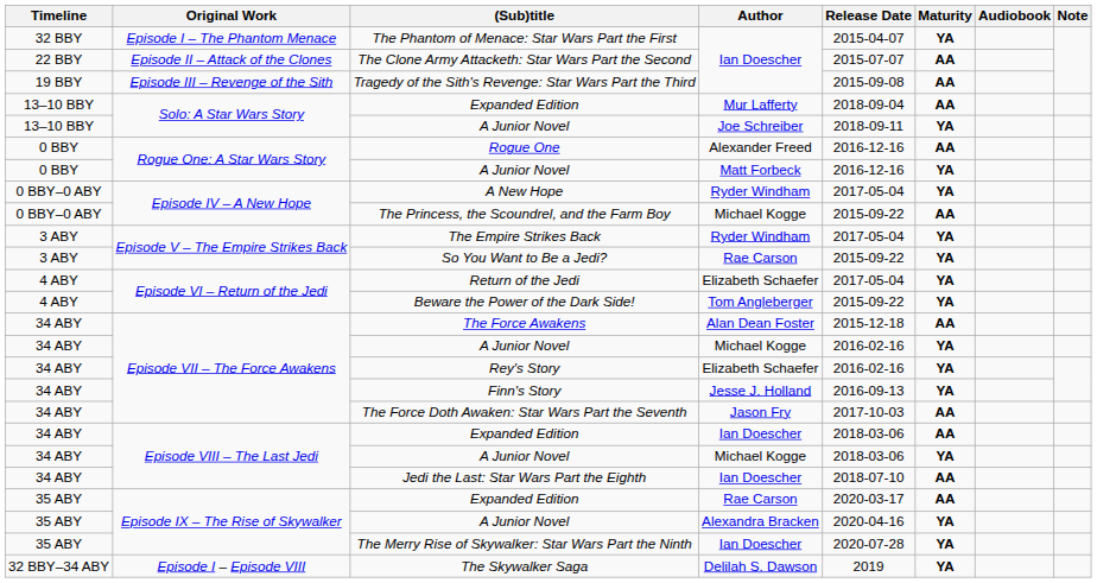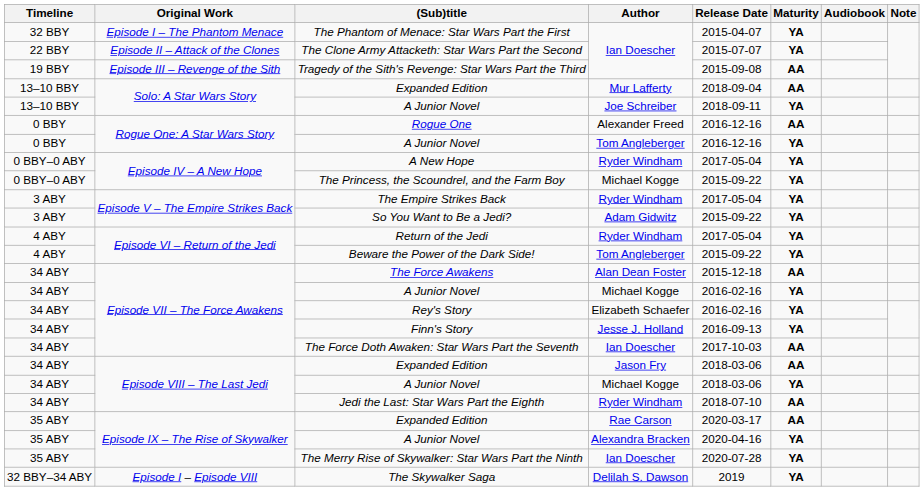 <table class="wikitable sortable" style="text-align: center">
 <tr>
 <th>Timeline</th>
 <th>Original Work</th>
 <th>(Sub)title</th>
 <th>Author</th>
 <th>Release Date</th>
 <th>Maturity</th>
 <th>Audio­book</th>
 <th>Note</th>
 </tr>
 <tr>
 <td data-sort-value="-32">32 BBY</td>
 <td><em><a href='#'>Episode I – The Phantom Menace</a></em></td>
 <td><em>The Phantom of Menace: Star Wars Part the First</em></td>
 <td rowspan="3"><a href='#'>Ian Doescher</a></td>
 <td>2015-04-07</td>
 <td><strong>YA</strong></td>
 <td></td>
 <td rowspan="3"></td>
 </tr>
 <tr>
 <td data-sort-value="-22">22 BBY</td>
 <td><em><a href='#'>Episode II – Attack of the Clones</a></em></td>
 <td><em>The Clone Army Attacketh: Star Wars Part the Second</em></td>
 <td>2015-07-07</td>
-<td><strong>AA</strong></td>
+<td><strong>YA</strong></td>
 <td></td>
 </tr>
 <tr>
 <td data-sort-value="-19">19 BBY</td>
 <td><em><a href='#'>Episode III – Revenge of the Sith</a></em></td>
 <td><em>Tragedy of the Sith's Revenge: Star Wars Part the Third</em></td>
 <td>2015-09-08</td>
 <td><strong>AA</strong></td>
 <td></td>
 </tr>
 <tr>
 <td data-sort-value="-13.1">13–10 BBY</td>
 <td rowspan="2"><em><a href='#'>Solo: A Star Wars Story</a></em></td>
 <td><em>Expanded Edition</em></td>
 <td><a href='#'>Mur Lafferty</a></td>
 <td>2018-09-04</td>
 <td><strong>AA</strong></td>
 <td></td>
 <td></td>
 </tr>
 <tr>
 <td data-sort-value="-13">13–10 BBY</td>
 <td><em>A Junior Novel</em></td>
 <td><a href='#'>Joe Schreiber</a></td>
 <td>2018-09-11</td>
 <td><strong>YA</strong></td>
 <td></td>
 <td></td>
 </tr>
 <tr>
 <td data-sort-value="0">0 BBY</td>
 <td rowspan="2"><em><a href='#'>Rogue One: A Star Wars Story</a></em></td>
 <td><em><a href='#'>Rogue One</a></em></td>
 <td>Alexander Freed</td>
 <td>2016-12-16</td>
 <td><strong>AA</strong></td>
 <td></td>
 <td></td>
 </tr>
 <tr>
 <td data-sort-value="0.1">0 BBY</td>
 <td><em>A Junior Novel</em></td>
-<td><a href='#'>Matt Forbeck</a></td>
+<td><a href='#'>Tom Angleberger</a></td>
 <td>2016-12-16</td>
 <td><strong>YA</strong></td>
 <td></td>
 <td></td>
 </tr>
 <tr>
 <td data-sort-value="0.2">0 BBY–0 ABY</td>
 <td rowspan="2"><em><a href='#'>Episode IV – A New Hope</a></em></td>
 <td><em>A New Hope</em></td>
 <td><a href='#'>Ryder Windham</a></td>
 <td>2017-05-04</td>
 <td><strong>YA</strong></td>
 <td></td>
 <td></td>
 </tr>
 <tr>
 <td data-sort-value="0.3">0 BBY–0 ABY</td>
 <td><em>The Princess, the Scoundrel, and the Farm Boy</em></td>
 <td>Michael Kogge</td>
 <td>2015-09-22</td>
-<td><strong>AA</strong></td>
+<td><strong>YA</strong></td>
 <td></td>
 <td></td>
 </tr>
 <tr>
 <td data-sort-value="3">3 ABY</td>
 <td rowspan="2"><em><a href='#'>Episode V – The Empire Strikes Back</a></em></td>
 <td><em>The Empire Strikes Back</em></td>
 <td><a href='#'>Ryder Windham</a></td>
 <td>2017-05-04</td>
 <td><strong>YA</strong></td>
 <td></td>
 <td></td>
 </tr>
 <tr>
 <td data-sort-value="3.1">3 ABY</td>
 <td><em>So You Want to Be a Jedi?</em></td>
-<td><a href='#'>Rae Carson</a></td>
+<td><a href='#'>Adam Gidwitz</a></td>
 <td>2015-09-22</td>
 <td><strong>YA</strong></td>
 <td></td>
 <td></td>
 </tr>
 <tr>
 <td data-sort-value="4">4 ABY</td>
 <td rowspan="2"><em><a href='#'>Episode VI – Return of the Jedi</a></em></td>
 <td><em>Return of the Jedi</em></td>
-<td>Elizabeth Schaefer</td>
+<td><a href='#'>Ryder Windham</a></td>
 <td>2017-05-04</td>
 <td><strong>YA</strong></td>
 <td></td>
 <td></td>
 </tr>
 <tr>
 <td data-sort-value="4.1">4 ABY</td>
 <td><em>Beware the Power of the Dark Side!</em></td>
 <td><a href='#'>Tom Angleberger</a></td>
 <td>2015-09-22</td>
 <td><strong>YA</strong></td>
 <td></td>
 <td></td>
 </tr>
 <tr>
 <td data-sort-value="34">34 ABY</td>
 <td rowspan="5"><em><a href='#'>Episode VII – The Force Awakens</a></em></td>
 <td><em><a href='#'>The Force Awakens</a></em></td>
 <td><a href='#'>Alan Dean Foster</a></td>
 <td>2015-12-18</td>
 <td><strong>AA</strong></td>
 <td></td>
 <td></td>
 </tr>
 <tr>
 <td data-sort-value="34.1">34 ABY</td>
 <td><em>A Junior Novel</em></td>
 <td>Michael Kogge</td>
 <td>2016-02-16</td>
 <td><strong>YA</strong></td>
 <td></td>
 <td></td>
 </tr>
 <tr>
 <td data-sort-value="34.2">34 ABY</td>
 <td><em>Rey's Story</em></td>
 <td>Elizabeth Schaefer</td>
 <td>2016-02-16</td>
 <td><strong>YA</strong></td>
 <td></td>
 <td rowspan="2"></td>
 </tr>
 <tr>
 <td data-sort-value="34.3">34 ABY</td>
 <td><em>Finn's Story</em></td>
 <td><a href='#'>Jesse J. Holland</a></td>
 <td>2016-09-13</td>
 <td><strong>YA</strong></td>
 <td></td>
 </tr>
 <tr>
 <td data-sort-value="34.4">34 ABY</td>
 <td><em>The Force Doth Awaken: Star Wars Part the Seventh</em></td>
-<td><a href='#'>Jason Fry</a></td>
+<td><a href='#'>Ian Doescher</a></td>
 <td>2017-10-03</td>
 <td><strong>AA</strong></td>
 <td></td>
 <td></td>
 </tr>
 <tr>
 <td data-sort-value="34.5">34 ABY</td>
 <td rowspan="3"><em><a href='#'>Episode VIII – The Last Jedi</a></em></td>
 <td><em>Expanded Edition</em></td>
-<td><a href='#'>Ian Doescher</a></td>
+<td><a href='#'>Jason Fry</a></td>
 <td>2018-03-06</td>
 <td><strong>AA</strong></td>
 <td></td>
 <td></td>
 </tr>
 <tr>
 <td data-sort-value="34.6">34 ABY</td>
 <td><em>A Junior Novel</em></td>
 <td>Michael Kogge</td>
 <td>2018-03-06</td>
 <td><strong>YA</strong></td>
 <td></td>
 <td></td>
 </tr>
 <tr>
 <td data-sort-value="34.7">34 ABY</td>
 <td><em>Jedi the Last: Star Wars Part the Eighth</em></td>
-<td><a href='#'>Ian Doescher</a></td>
+<td><a href='#'>Ryder Windham</a></td>
 <td>2018-07-10</td>
 <td><strong>AA</strong></td>
 <td></td>
 <td></td>
 </tr>
 <tr>
 <td data-sort-value="35">35 ABY</td>
 <td rowspan="3"><em><a href='#'>Episode IX – The Rise of Skywalker</a></em></td>
 <td><em>Expanded Edition</em></td>
 <td><a href='#'>Rae Carson</a></td>
 <td>2020-03-17</td>
 <td><strong>AA</strong></td>
 <td></td>
 <td></td>
 </tr>
 <tr>
 <td data-sort-value="35.1">35 ABY</td>
 <td><em>A Junior Novel</em></td>
 <td><a href='#'>Alexandra Bracken</a></td>
 <td>2020-04-16</td>
 <td><strong>YA</strong></td>
 <td></td>
 <td></td>
 </tr>
 <tr>
 <td data-sort-value="35.2">35 ABY</td>
 <td><em>The Merry Rise of Skywalker: Star Wars Part the Ninth</em></td>
 <td><a href='#'>Ian Doescher</a></td>
 <td>2020-07-28</td>
 <td><strong>YA</strong></td>
 <td></td>
 <td></td>
 </tr>
 <tr>
 <td data-sort-value="-32">32 BBY–34 ABY</td>
 <td><em><a href='#'>Episode I</a></em> – <em><a href='#'>Episode VIII</a></em></td>
 <td><em>The Skywalker Saga</em></td>
 <td rowspan="3"><a href='#'>Delilah S. Dawson</a></td>
 <td>2019</td>
 <td><strong>YA</strong></td>
 <td></td>
 <td></td>
 </tr>
 </table>
